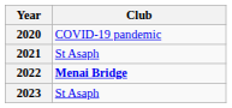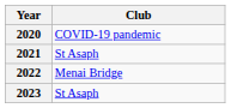 <table class="wikitable" style="width:18em">
 <tr>
 <th>Year</th>
 <th>Club</th>
 </tr>
 <tr>
 <th scope="row">2020</th>
 <td><a href='#'>COVID-19 pandemic</a></td>
 </tr>
 <tr>
 <th scope="row">2021</th>
 <td><a href='#'>St Asaph</a></td>
 </tr>
 <tr>
 <th scope="row">2022</th>
-<td><strong><a href='#'>Menai Bridge</a></strong></td>
+<td><a href='#'>Menai Bridge</a></td>
 </tr>
 <tr>
 <th scope="row">2023</th>
 <td><a href='#'>St Asaph</a></td>
 </tr>
 </table>
